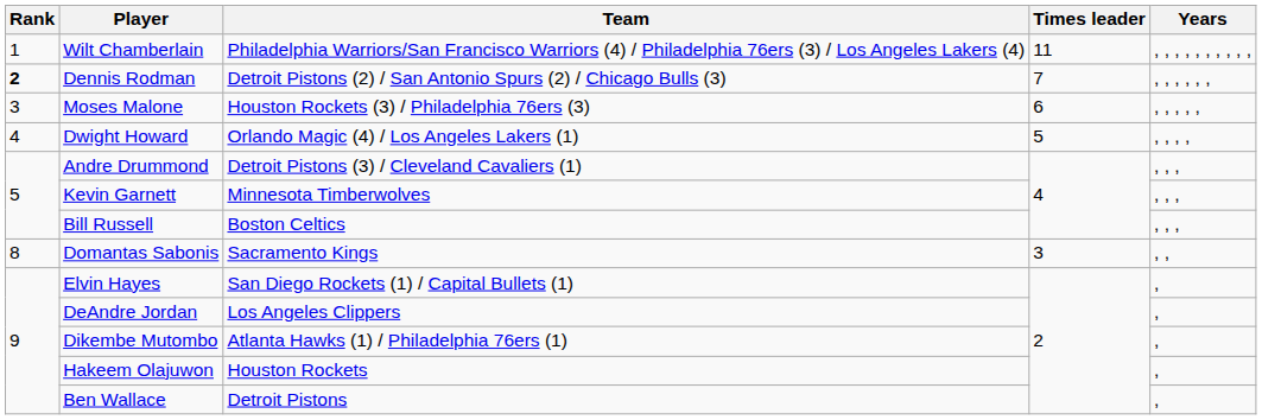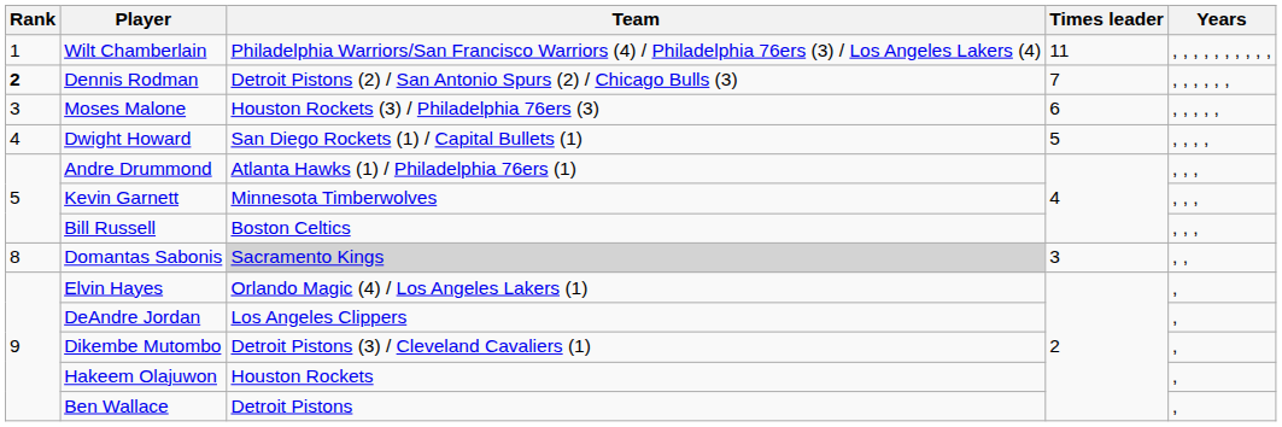 <table class="wikitable">
 <tr>
 <th>Rank</th>
 <th>Player</th>
 <th>Team</th>
 <th>Times leader</th>
 <th>Years</th>
 </tr>
 <tr>
 <td>1</td>
 <td><a href='#'>Wilt Chamberlain</a></td>
 <td><a href='#'>Philadelphia Warriors/San Francisco Warriors</a> (4) / <a href='#'>Philadelphia 76ers</a> (3) / <a href='#'>Los Angeles Lakers</a> (4)</td>
 <td>11</td>
 <td>, , , , , , , , , , </td>
 </tr>
 <tr>
 <td><strong>2</strong></td>
 <td><a href='#'>Dennis Rodman</a></td>
 <td><a href='#'>Detroit Pistons</a> (2) / <a href='#'>San Antonio Spurs</a> (2) / <a href='#'>Chicago Bulls</a> (3)</td>
 <td>7</td>
 <td>, , , , , , </td>
 </tr>
 <tr>
 <td>3</td>
 <td><a href='#'>Moses Malone</a></td>
 <td><a href='#'>Houston Rockets</a> (3) / <a href='#'>Philadelphia 76ers</a> (3)</td>
 <td>6</td>
 <td>, , , , , </td>
 </tr>
 <tr>
 <td>4</td>
 <td><a href='#'>Dwight Howard</a></td>
-<td><a href='#'>Orlando Magic</a> (4) / <a href='#'>Los Angeles Lakers</a> (1)</td>
+<td><a href='#'>San Diego Rockets</a> (1) / <a href='#'>Capital Bullets</a> (1)</td>
 <td>5</td>
 <td>, , , , </td>
 </tr>
 <tr>
 <td rowspan="3">5</td>
 <td><a href='#'>Andre Drummond</a></td>
-<td><a href='#'>Detroit Pistons</a> (3) / <a href='#'>Cleveland Cavaliers</a> (1)</td>
+<td><a href='#'>Atlanta Hawks</a> (1) / <a href='#'>Philadelphia 76ers</a> (1)</td>
 <td rowspan="3">4</td>
 <td>, , , </td>
 </tr>
 <tr>
 <td><a href='#'>Kevin Garnett</a></td>
 <td><a href='#'>Minnesota Timberwolves</a></td>
 <td>, , , </td>
 </tr>
 <tr>
 <td><a href='#'>Bill Russell</a></td>
 <td><a href='#'>Boston Celtics</a></td>
 <td>, , , </td>
 </tr>
 <tr>
 <td>8</td>
 <td><a href='#'>Domantas Sabonis</a></td>
-<td><a href='#'>Sacramento Kings</a></td>
+<td style="background: lightgrey;"><a href='#'>Sacramento Kings</a></td>
 <td>3</td>
 <td>, , </td>
 </tr>
 <tr>
 <td rowspan="5">9</td>
 <td><a href='#'>Elvin Hayes</a></td>
-<td><a href='#'>San Diego Rockets</a> (1) / <a href='#'>Capital Bullets</a> (1)</td>
+<td><a href='#'>Orlando Magic</a> (4) / <a href='#'>Los Angeles Lakers</a> (1)</td>
 <td rowspan="5">2</td>
 <td>, </td>
 </tr>
 <tr>
 <td><a href='#'>DeAndre Jordan</a></td>
 <td><a href='#'>Los Angeles Clippers</a></td>
 <td>, </td>
 </tr>
 <tr>
 <td><a href='#'>Dikembe Mutombo</a></td>
-<td><a href='#'>Atlanta Hawks</a> (1) / <a href='#'>Philadelphia 76ers</a> (1)</td>
+<td><a href='#'>Detroit Pistons</a> (3) / <a href='#'>Cleveland Cavaliers</a> (1)</td>
 <td>, </td>
 </tr>
 <tr>
 <td><a href='#'>Hakeem Olajuwon</a></td>
 <td><a href='#'>Houston Rockets</a></td>
 <td>, </td>
 </tr>
 <tr>
 <td><a href='#'>Ben Wallace</a></td>
 <td><a href='#'>Detroit Pistons</a></td>
 <td>, </td>
 </tr>
 </table>
